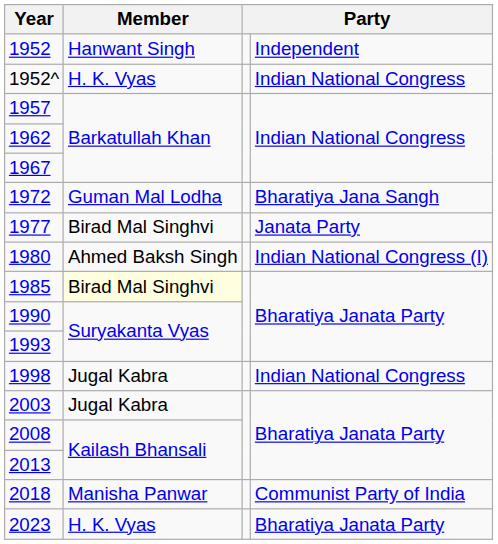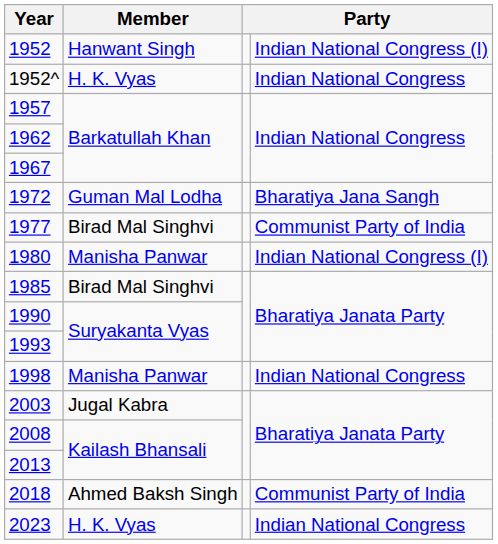 <table class="wikitable">
 <tr>
 <th>Year</th>
 <th>Member</th>
 <th colspan="2">Party</th>
 </tr>
 <tr>
 <td><a href='#'>1952</a></td>
 <td><a href='#'>Hanwant Singh</a></td>
 <td style="background-color: "></td>
-<td><a href='#'>Independent</a></td>
+<td><a href='#'>Indian National Congress (I)</a></td>
 </tr>
 <tr>
 <td>1952^</td>
 <td><a href='#'>H. K. Vyas</a></td>
 <td style="background-color: "></td>
 <td><a href='#'>Indian National Congress</a></td>
 </tr>
 <tr>
 <td><a href='#'>1957</a></td>
 <td rowspan="3"><a href='#'>Barkatullah Khan</a></td>
 <td rowspan="3" style="background-color: "></td>
 <td rowspan="3"><a href='#'>Indian National Congress</a></td>
 </tr>
 <tr>
 <td><a href='#'>1962</a></td>
 </tr>
 <tr>
 <td><a href='#'>1967</a></td>
 </tr>
 <tr>
 <td><a href='#'>1972</a></td>
 <td><a href='#'>Guman Mal Lodha</a></td>
 <td style="background-color: "></td>
 <td><a href='#'>Bharatiya Jana Sangh</a></td>
 </tr>
 <tr>
 <td><a href='#'>1977</a></td>
 <td>Birad Mal Singhvi</td>
 <td style="background-color: "></td>
-<td><a href='#'>Janata Party</a></td>
+<td><a href='#'>Communist Party of India</a></td>
 </tr>
 <tr>
 <td><a href='#'>1980</a></td>
-<td>Ahmed Baksh Singh</td>
+<td><a href='#'>Manisha Panwar</a></td>
 <td style="background-color: "></td>
 <td><a href='#'>Indian National Congress (I)</a></td>
 </tr>
 <tr>
 <td><a href='#'>1985</a></td>
-<td style="background: lightyellow;">Birad Mal Singhvi</td>
+<td>Birad Mal Singhvi</td>
 <td rowspan="3" style="background-color: "></td>
 <td rowspan="3"><a href='#'>Bharatiya Janata Party</a></td>
 </tr>
 <tr>
 <td><a href='#'>1990</a></td>
 <td rowspan="2"><a href='#'>Suryakanta Vyas</a></td>
 </tr>
 <tr>
 <td><a href='#'>1993</a></td>
 </tr>
 <tr>
 <td><a href='#'>1998</a></td>
-<td>Jugal Kabra</td>
+<td><a href='#'>Manisha Panwar</a></td>
 <td style="background-color: "></td>
 <td><a href='#'>Indian National Congress</a></td>
 </tr>
 <tr>
 <td><a href='#'>2003</a></td>
 <td>Jugal Kabra</td>
 <td rowspan="3" style="background-color: "></td>
 <td rowspan="3"><a href='#'>Bharatiya Janata Party</a></td>
 </tr>
 <tr>
 <td><a href='#'>2008</a></td>
 <td rowspan="2"><a href='#'>Kailash Bhansali</a></td>
 </tr>
 <tr>
 <td><a href='#'>2013</a></td>
 </tr>
 <tr>
 <td><a href='#'>2018</a></td>
-<td><a href='#'>Manisha Panwar</a></td>
+<td>Ahmed Baksh Singh</td>
 <td style="background-color: "></td>
 <td><a href='#'>Communist Party of India</a></td>
 </tr>
 <tr>
 <td><a href='#'>2023</a></td>
 <td><a href='#'>H. K. Vyas</a></td>
 <td style="background-color: "></td>
-<td><a href='#'>Bharatiya Janata Party</a></td>
+<td><a href='#'>Indian National Congress</a></td>
 </tr>
 </table>
